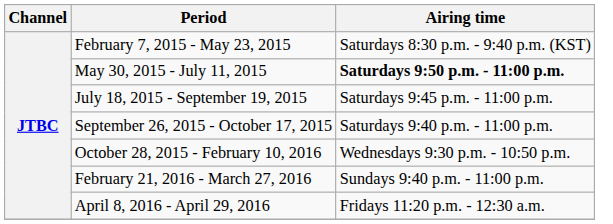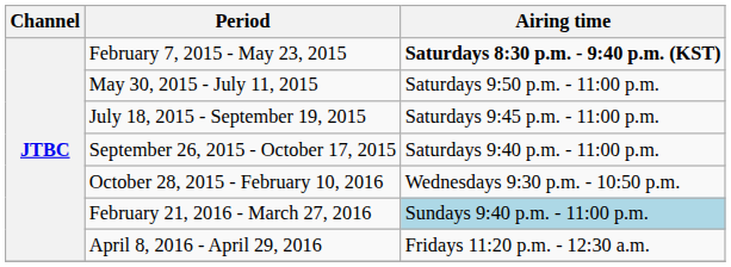 <table class="wikitable" style="font-size: 90%;">
 <tr>
 <th>Channel</th>
 <th>Period</th>
 <th>Airing time</th>
 </tr>
 <tr align="center">
 <th rowspan="7"><a href='#'>JTBC</a></th>
 <td align="left">February 7, 2015 - May 23, 2015</td>
-<td align="left">Saturdays 8:30 p.m. - 9:40 p.m. (KST)</td>
+<td align="left"><strong>Saturdays 8:30 p.m. - 9:40 p.m. (KST)</strong></td>
 </tr>
 <tr>
 <td align="left">May 30, 2015 - July 11, 2015</td>
-<td align="left"><strong>Saturdays 9:50 p.m. - 11:00 p.m.</strong></td>
+<td align="left">Saturdays 9:50 p.m. - 11:00 p.m.</td>
 </tr>
 <tr>
 <td align="left">July 18, 2015 - September 19, 2015</td>
 <td align="left">Saturdays 9:45 p.m. - 11:00 p.m.</td>
 </tr>
 <tr>
 <td align="left">September 26, 2015 - October 17, 2015</td>
 <td align="left">Saturdays 9:40 p.m. - 11:00 p.m.</td>
 </tr>
 <tr>
 <td align="left">October 28, 2015 - February 10, 2016</td>
 <td align="left">Wednesdays 9:30 p.m. - 10:50 p.m.</td>
 </tr>
 <tr>
 <td align="left">February 21, 2016 - March 27, 2016</td>
-<td align="left">Sundays 9:40 p.m. - 11:00 p.m.</td>
+<td align="left" style="background: lightblue;">Sundays 9:40 p.m. - 11:00 p.m.</td>
 </tr>
 <tr>
 <td align="left">April 8, 2016 - April 29, 2016</td>
 <td align="left">Fridays 11:20 p.m. - 12:30 a.m.</td>
 </tr>
 <tr>
 </tr>
 </table>
